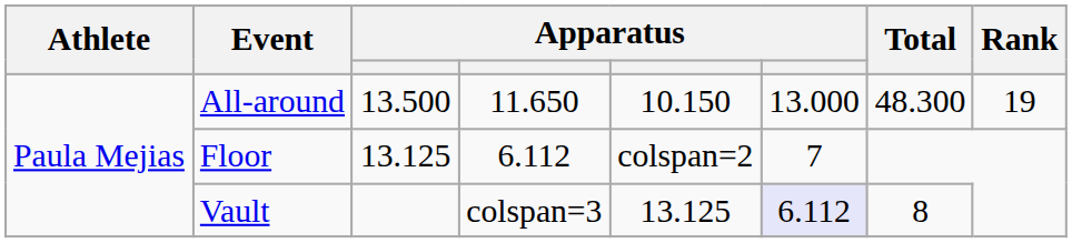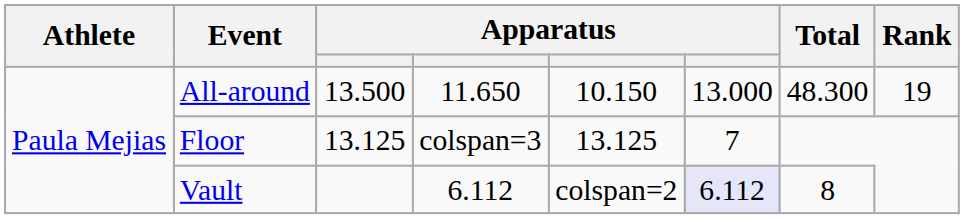 <table class="wikitable" style="font-size:90%">
 <tr>
 <th rowspan=2>Athlete</th>
 <th rowspan=2>Event</th>
 <th colspan=4>Apparatus</th>
 <th rowspan=2>Total</th>
 <th rowspan=2>Rank</th>
 </tr>
 <tr style="font-size:95%">
 <th></th>
 <th></th>
 <th></th>
 <th></th>
 </tr>
 <tr align=center>
 <td align=left rowspan=3><a href='#'>Paula Mejias</a></td>
 <td align=left><a href='#'>All-around</a></td>
 <td>13.500</td>
 <td>11.650</td>
 <td>10.150</td>
 <td>13.000</td>
 <td>48.300</td>
 <td>19</td>
 </tr>
 <tr align=center>
 <td align=left><a href='#'>Floor</a></td>
 <td>13.125</td>
-<td>6.112</td>
-<td>colspan=2 </td>
+<td>colspan=3 </td>
+<td>13.125</td>
 <td>7</td>
 </tr>
 <tr align=center>
 <td align=left><a href='#'>Vault</a></td>
 <td></td>
-<td>colspan=3 </td>
-<td>13.125</td>
+<td>6.112</td>
+<td>colspan=2 </td>
 <td style="background: lavender;">6.112</td>
 <td>8</td>
 </tr>
 </table>
